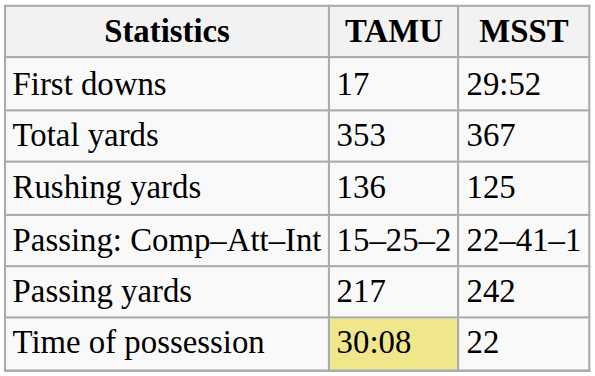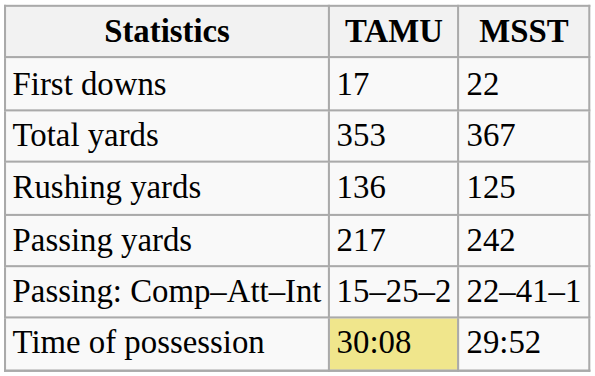 <table class="wikitable" style="float: left;">
 <tr>
 <th>Statistics</th>
 <th>TAMU</th>
 <th>MSST</th>
 </tr>
 <tr>
 <td>First downs</td>
 <td>17</td>
-<td>29:52</td>
+<td>22</td>
 </tr>
 <tr>
 <td>Total yards</td>
 <td>353</td>
 <td>367</td>
 </tr>
 <tr>
 <td>Rushing yards</td>
 <td>136</td>
 <td>125</td>
 </tr>
 <tr>
+<td>Passing yards</td>
+<td>217</td>
+<td>242</td>
+</tr>
+<tr>
 <td>Passing: Comp–Att–Int</td>
 <td>15–25–2</td>
 <td>22–41–1</td>
 </tr>
 <tr>
-<td>Passing yards</td>
-<td>217</td>
-<td>242</td>
-</tr>
-<tr>
 <td>Time of possession</td>
 <td style="background: khaki;">30:08</td>
-<td>22</td>
+<td>29:52</td>
 </tr>
 <tr>
 </tr>
 </table>
